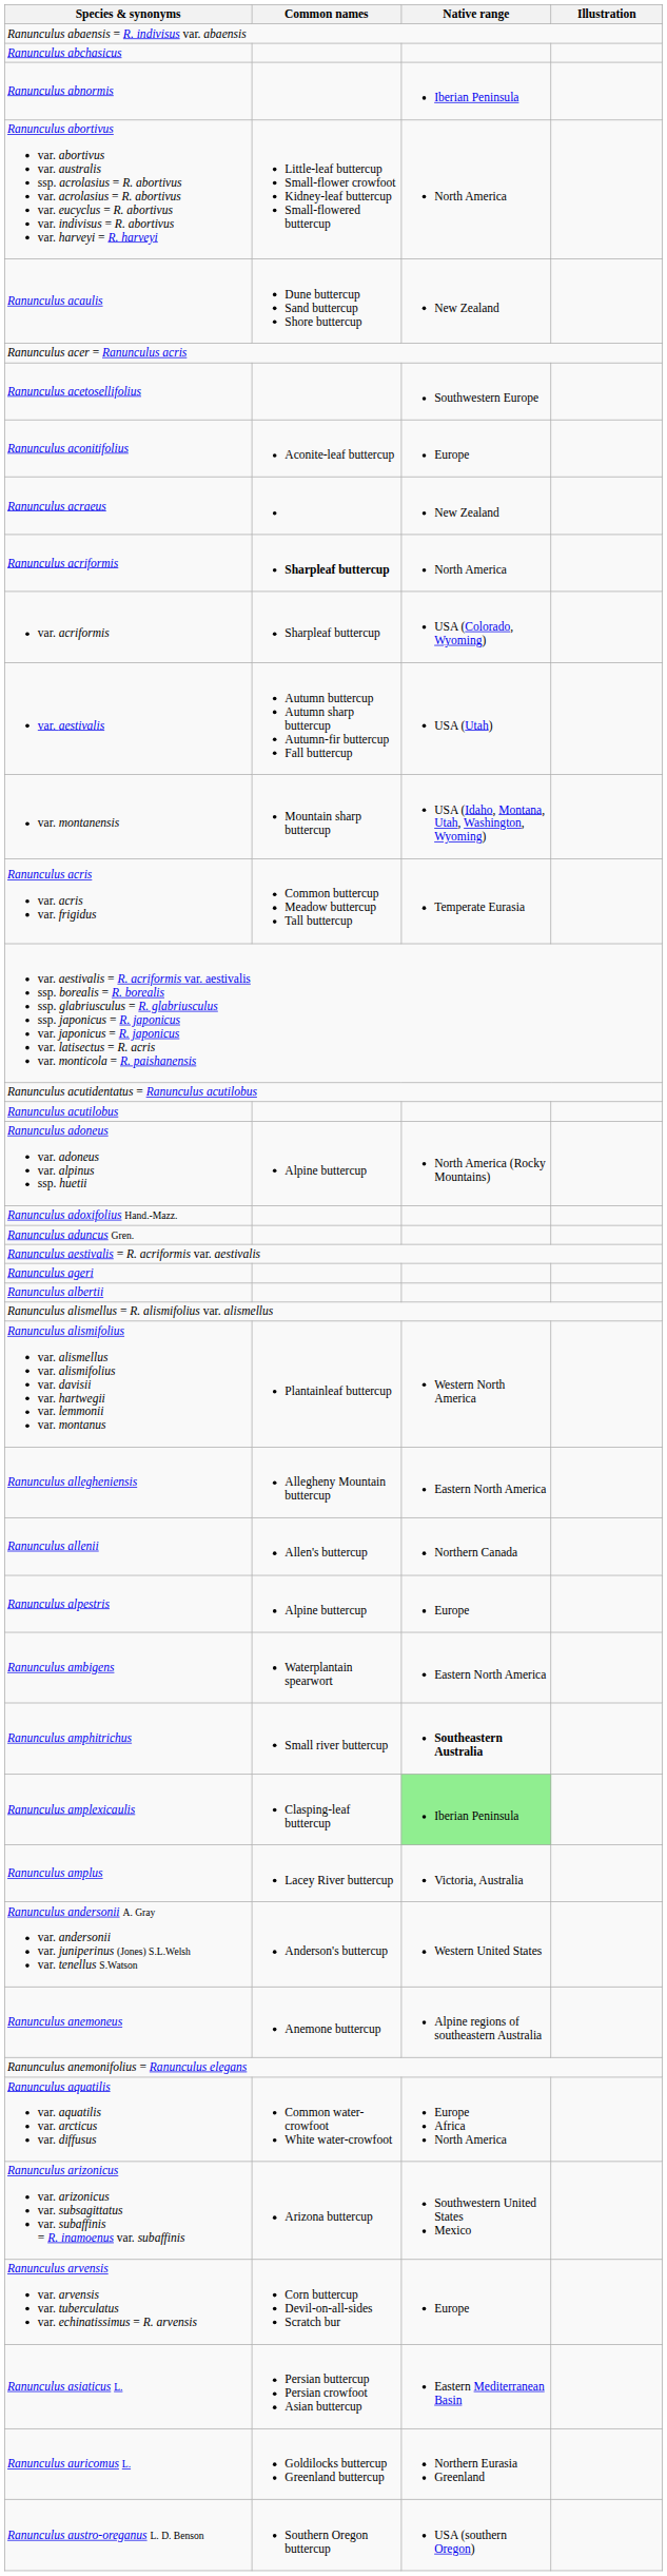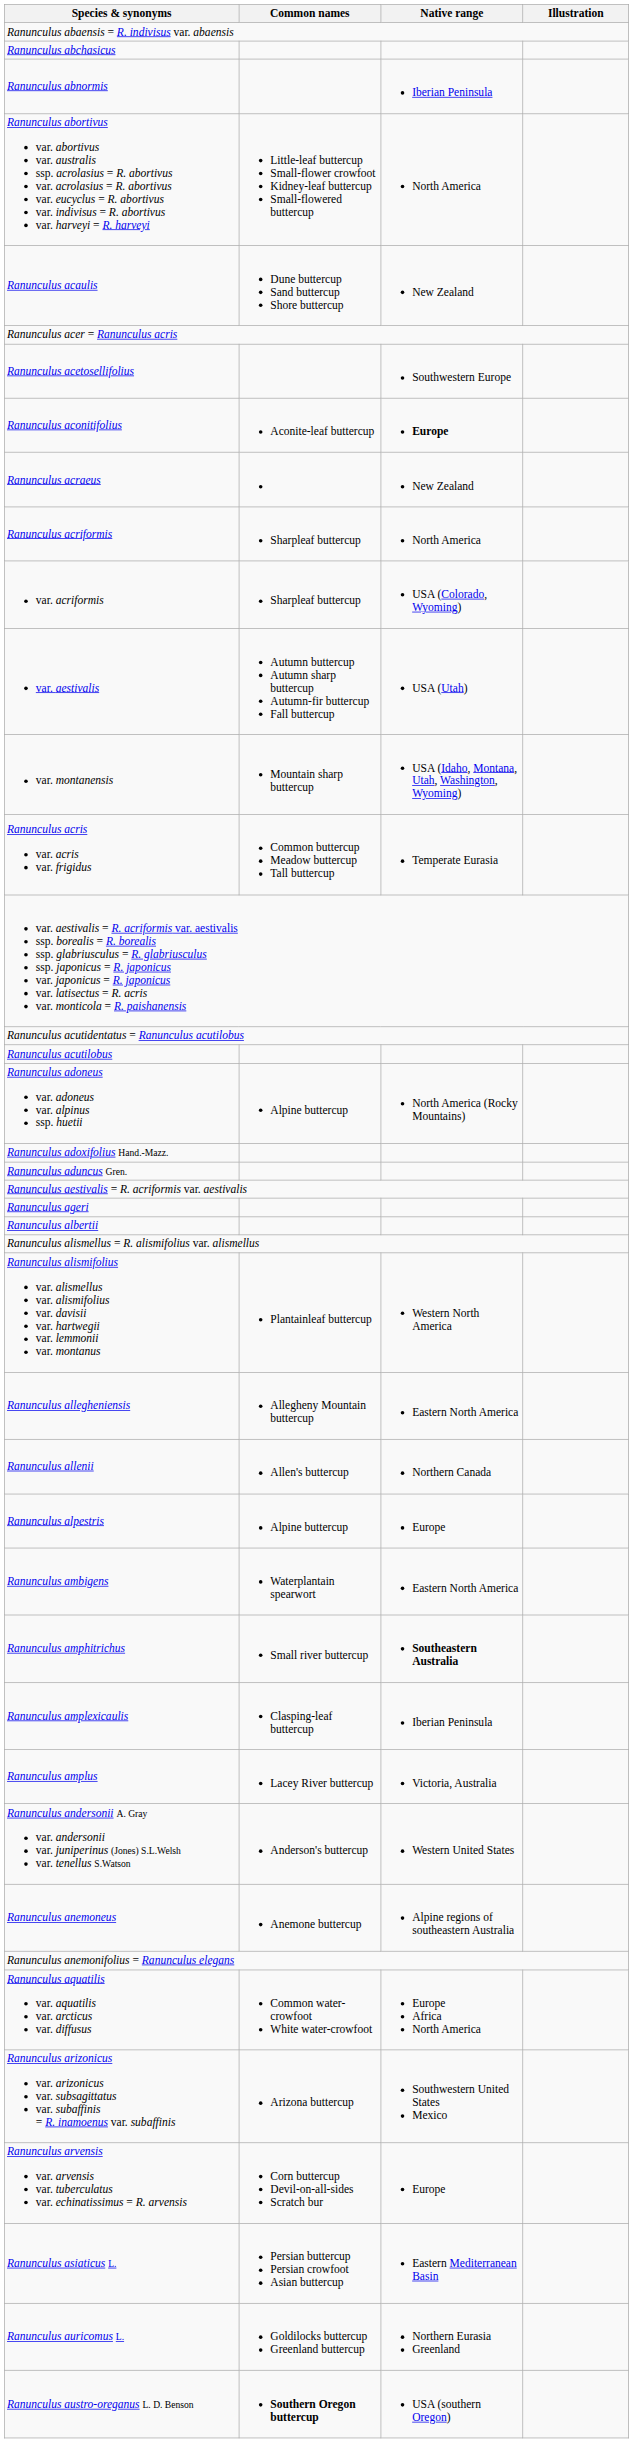 <table class="wikitable">
 <tr>
 <th width=350>Species & synonyms</th>
 <th width=200>Common names</th>
 <th width=200>Native range</th>
 <th width=150>Illustration</th>
 </tr>
 <tr>
 <td colspan="4"><em>Ranunculus abaensis</em>  = <em><a href='#'>R. indivisus</a></em>  var. <em>abaensis</em></td>
 </tr>
 <tr>
 <td><em><a href='#'>Ranunculus abchasicus</a></em> </td>
 <td></td>
 <td></td>
 <td></td>
 </tr>
 <tr>
 <td><em><a href='#'>Ranunculus abnormis</a></em> </td>
 <td></td>
 <td><br><ul><li><a href='#'>Iberian Peninsula</a></li></ul></td>
 <td></td>
 </tr>
 <tr>
 <td><em><a href='#'>Ranunculus abortivus</a></em> <br><ul><li>var. <em>abortivus</em></li><li>var. <em>australis</em> </li><li>ssp. <em>acrolasius</em>  = <em>R. abortivus</em></li><li>var. <em>acrolasius</em>  = <em>R. abortivus</em></li><li>var. <em>eucyclus</em>  = <em>R. abortivus</em></li><li>var. <em>indivisus</em>  = <em>R. abortivus</em></li><li>var. <em>harveyi</em>  = <a href='#'><em>R. harveyi</em></a></li></ul></td>
 <td><br><ul><li>Little-leaf buttercup</li><li>Small-flower crowfoot</li><li>Kidney-leaf buttercup</li><li>Small-flowered buttercup</li></ul></td>
 <td><br><ul><li>North America</li></ul></td>
 <td></td>
 </tr>
 <tr>
 <td><em><a href='#'>Ranunculus acaulis</a></em> </td>
 <td><br><ul><li>Dune buttercup</li><li>Sand buttercup</li><li>Shore buttercup</li></ul></td>
 <td><br><ul><li>New Zealand</li></ul></td>
 <td></td>
 </tr>
 <tr>
 <td colspan="4"><em>Ranunculus acer</em>  = <em><a href='#'>Ranunculus acris</a></em></td>
 </tr>
 <tr>
 <td><em><a href='#'>Ranunculus acetosellifolius</a></em> </td>
 <td></td>
 <td><br><ul><li>Southwestern Europe</li></ul></td>
 <td></td>
 </tr>
 <tr>
 <td><em><a href='#'>Ranunculus aconitifolius</a></em> </td>
 <td><br><ul><li>Aconite-leaf buttercup</li></ul></td>
-<td><br><ul><li>Europe</li></ul></td>
+<td><strong><br><ul><li>Europe</li></ul></strong></td>
 <td></td>
 </tr>
 <tr>
 <td><em><a href='#'>Ranunculus acraeus</a></em> </td>
 <td><br><ul><li></li></ul></td>
 <td><br><ul><li>New Zealand</li></ul></td>
 <td></td>
 </tr>
 <tr>
 <td><em><a href='#'>Ranunculus acriformis</a></em> </td>
-<td><strong><br><ul><li>Sharpleaf buttercup</li></ul></strong></td>
+<td><br><ul><li>Sharpleaf buttercup</li></ul></td>
 <td><br><ul><li>North America</li></ul></td>
 <td></td>
 </tr>
 <tr>
 <td><br><ul><li>var. <em>acriformis</em></li></ul></td>
 <td><br><ul><li>Sharpleaf buttercup</li></ul></td>
 <td><br><ul><li>USA (<a href='#'>Colorado</a>, <a href='#'>Wyoming</a>)</li></ul></td>
 <td></td>
 </tr>
 <tr>
 <td><br><ul><li><a href='#'>var. <em>aestivalis</em></a> </li></ul></td>
 <td><br><ul><li>Autumn buttercup</li><li>Autumn sharp buttercup</li><li>Autumn-fir buttercup</li><li>Fall buttercup</li></ul></td>
 <td><br><ul><li>USA (<a href='#'>Utah</a>)</li></ul></td>
 <td></td>
 </tr>
 <tr>
 <td><br><ul><li>var. <em>montanensis</em> </li></ul></td>
 <td><br><ul><li>Mountain sharp buttercup</li></ul></td>
 <td><br><ul><li>USA (<a href='#'>Idaho</a>, <a href='#'>Montana</a>, <a href='#'>Utah</a>, <a href='#'>Washington</a>, <a href='#'>Wyoming</a>)</li></ul></td>
 <td></td>
 </tr>
 <tr>
 <td><em><a href='#'>Ranunculus acris</a></em> <br><ul><li>var. <em>acris</em></li><li>var. <em>frigidus</em> </li></ul></td>
 <td><br><ul><li>Common buttercup</li><li>Meadow buttercup</li><li>Tall buttercup</li></ul></td>
 <td><br><ul><li>Temperate Eurasia</li></ul></td>
 <td></td>
 </tr>
 <tr>
 <td colspan="4"><br><ul><li>var. <em>aestivalis</em>  = <a href='#'><em>R. acriformis</em> var. aestivalis</a></li><li>ssp. <em>borealis</em>  = <a href='#'><em>R. borealis</em></a></li><li>ssp. <em>glabriusculus</em>  = <a href='#'><em>R. glabriusculus</em></a></li><li>ssp. <em>japonicus</em>  = <a href='#'><em>R. japonicus</em></a></li><li>var. <em>japonicus</em>  = <a href='#'><em>R. japonicus</em></a></li><li>var. <em>latisectus</em>  = <em>R. acris</em></li><li>var. <em>monticola</em>  = <a href='#'><em>R. paishanensis</em></a></li></ul></td>
 </tr>
 <tr>
 <td colspan="4"><em>Ranunculus acutidentatus</em>  = <em><a href='#'>Ranunculus acutilobus</a></em></td>
 </tr>
 <tr>
 <td><em><a href='#'>Ranunculus acutilobus</a></em> </td>
 <td></td>
 <td></td>
 <td></td>
 </tr>
 <tr>
 <td><em><a href='#'>Ranunculus adoneus</a></em> <br><ul><li>var. <em>adoneus</em></li><li>var. <em>alpinus</em> </li><li>ssp. <em>huetii</em> </li></ul></td>
 <td><br><ul><li>Alpine buttercup</li></ul></td>
 <td><br><ul><li>North America (Rocky Mountains)</li></ul></td>
 <td></td>
 </tr>
 <tr>
 <td><em><a href='#'>Ranunculus adoxifolius</a></em> <small>Hand.-Mazz.</small></td>
 <td></td>
 <td></td>
 <td></td>
 </tr>
 <tr>
 <td><em><a href='#'>Ranunculus aduncus</a></em> <small>Gren.</small></td>
 <td></td>
 <td></td>
 <td></td>
 </tr>
 <tr>
 <td colspan="4"><em><a href='#'>Ranunculus aestivalis</a></em>  = <em>R. acriformis</em> var. <em>aestivalis</em></td>
 </tr>
 <tr>
 <td><em><a href='#'>Ranunculus ageri</a></em> </td>
 <td></td>
 <td></td>
 <td></td>
 </tr>
 <tr>
 <td><em><a href='#'>Ranunculus albertii</a></em> </td>
 <td></td>
 <td></td>
 <td></td>
 </tr>
 <tr>
 <td colspan="4"><em>Ranunculus alismellus</em>  = <em>R. alismifolius</em> var. <em>alismellus</em></td>
 </tr>
 <tr>
 <td><em><a href='#'>Ranunculus alismifolius</a></em> <br><ul><li>var. <em>alismellus</em> </li><li>var. <em>alismifolius</em></li><li>var. <em>davisii</em> </li><li>var. <em>hartwegii</em> </li><li>var. <em>lemmonii</em> </li><li>var. <em>montanus</em> </li></ul></td>
 <td><br><ul><li>Plantainleaf buttercup</li></ul></td>
 <td><br><ul><li>Western North America</li></ul></td>
 <td></td>
 </tr>
 <tr>
 <td><em><a href='#'>Ranunculus allegheniensis</a></em> </td>
 <td><br><ul><li>Allegheny Mountain buttercup</li></ul></td>
 <td><br><ul><li>Eastern North America</li></ul></td>
 <td></td>
 </tr>
 <tr>
 <td><em><a href='#'>Ranunculus allenii</a></em> </td>
 <td><br><ul><li>Allen's buttercup</li></ul></td>
 <td><br><ul><li>Northern Canada</li></ul></td>
 </tr>
 <tr>
 <td><em><a href='#'>Ranunculus alpestris</a></em>  </td>
 <td><br><ul><li>Alpine buttercup</li></ul></td>
 <td><br><ul><li>Europe</li></ul></td>
 <td></td>
 </tr>
 <tr>
 <td><em><a href='#'>Ranunculus ambigens</a></em> </td>
 <td><br><ul><li>Waterplantain spearwort</li></ul></td>
 <td><br><ul><li>Eastern North America</li></ul></td>
 <td></td>
 </tr>
 <tr>
 <td><em><a href='#'>Ranunculus amphitrichus</a></em> </td>
 <td><br><ul><li>Small river buttercup</li></ul></td>
 <td><strong><br><ul><li>Southeastern Australia</li></ul></strong></td>
 <td></td>
 </tr>
 <tr>
 <td><em><a href='#'>Ranunculus amplexicaulis</a></em> </td>
 <td><br><ul><li>Clasping-leaf buttercup</li></ul></td>
-<td style="background: lightgreen;"><br><ul><li>Iberian Peninsula</li></ul></td>
+<td><br><ul><li>Iberian Peninsula</li></ul></td>
 <td></td>
 </tr>
 <tr>
 <td><em><a href='#'>Ranunculus amplus</a></em> </td>
 <td><br><ul><li>Lacey River buttercup</li></ul></td>
 <td><br><ul><li>Victoria, Australia</li></ul></td>
 <td></td>
 </tr>
 <tr>
 <td><em><a href='#'>Ranunculus andersonii</a></em> <small>A. Gray</small><br><ul><li>var. <em>andersonii</em></li><li>var. <em>juniperinus</em> <small>(Jones) S.L.Welsh</small></li><li>var. <em>tenellus</em> <small>S.Watson</small></li></ul></td>
 <td><br><ul><li>Anderson's buttercup</li></ul></td>
 <td><br><ul><li>Western United States</li></ul></td>
 <td></td>
 </tr>
 <tr>
 <td><em><a href='#'>Ranunculus anemoneus</a></em> </td>
 <td><br><ul><li>Anemone buttercup</li></ul></td>
 <td><br><ul><li>Alpine regions of southeastern Australia</li></ul></td>
 <td></td>
 </tr>
 <tr>
 <td colspan="4"><em>Ranunculus anemonifolius</em>  = <a href='#'><em>Ranunculus elegans</em></a></td>
 </tr>
 <tr>
 <td><em><a href='#'>Ranunculus aquatilis</a></em> <br><ul><li>var. <em>aquatilis</em></li><li>var. <em>arcticus</em> </li><li>var. <em>diffusus</em> </li></ul></td>
 <td><br><ul><li>Common water-crowfoot</li><li>White water-crowfoot</li></ul></td>
 <td><br><ul><li>Europe</li><li>Africa</li><li>North America</li></ul></td>
 <td></td>
 </tr>
 <tr>
 <td><em><a href='#'>Ranunculus arizonicus</a></em> <br><ul><li>var. <em>arizonicus</em></li><li>var. <em>subsagittatus</em> </li><li>var. <em>subaffinis</em> <br> = <a href='#'><em>R. inamoenus</em></a> var. <em>subaffinis</em></li></ul></td>
 <td><br><ul><li>Arizona buttercup</li></ul></td>
 <td><br><ul><li>Southwestern United States</li><li>Mexico</li></ul></td>
 </tr>
 <tr>
 <td><em><a href='#'>Ranunculus arvensis</a></em> <br><ul><li>var. <em>arvensis</em></li><li>var. <em>tuberculatus</em> </li><li>var. <em>echinatissimus</em>  = <em>R. arvensis</em></li></ul></td>
 <td><br><ul><li>Corn buttercup</li><li>Devil-on-all-sides</li><li>Scratch bur</li></ul></td>
 <td><br><ul><li>Europe</li></ul></td>
 <td></td>
 </tr>
 <tr>
 <td><em><a href='#'>Ranunculus asiaticus</a></em> <small><a href='#'>L.</a></small></td>
 <td><br><ul><li>Persian buttercup</li><li>Persian crowfoot</li><li>Asian buttercup</li></ul></td>
 <td><br><ul><li>Eastern <a href='#'>Mediterranean Basin</a></li></ul></td>
 <td></td>
 </tr>
 <tr>
 <td><em><a href='#'>Ranunculus auricomus</a></em> <small><a href='#'>L.</a></small></td>
 <td><br><ul><li>Goldilocks buttercup</li><li>Greenland buttercup</li></ul></td>
 <td><br><ul><li>Northern Eurasia</li><li>Greenland</li></ul></td>
 <td></td>
 </tr>
 <tr>
 <td><em><a href='#'>Ranunculus austro-oreganus</a></em> <small>L. D. Benson</small></td>
-<td><br><ul><li>Southern Oregon buttercup</li></ul></td>
+<td><strong><br><ul><li>Southern Oregon buttercup</li></ul></strong></td>
 <td><br><ul><li>USA (southern <a href='#'>Oregon</a>)</li></ul></td>
 </tr>
 </table>
